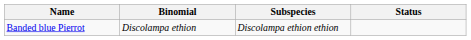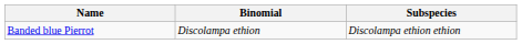 <table width=60% class="wikitable">
 <tr>
 <th width=20%>Name</th>
 <th width=20%>Binomial</th>
 <th width=20%>Subspecies</th>
-<th width=20%>Status</th>
 </tr>
 <tr>
 <td><a href='#'>Banded blue Pierrot</a><br>  </td>
 <td><em>Discolampa ethion</em></td>
 <td><em>Discolampa ethion ethion</em></td>
-<td></td>
 </tr>
 </table>
